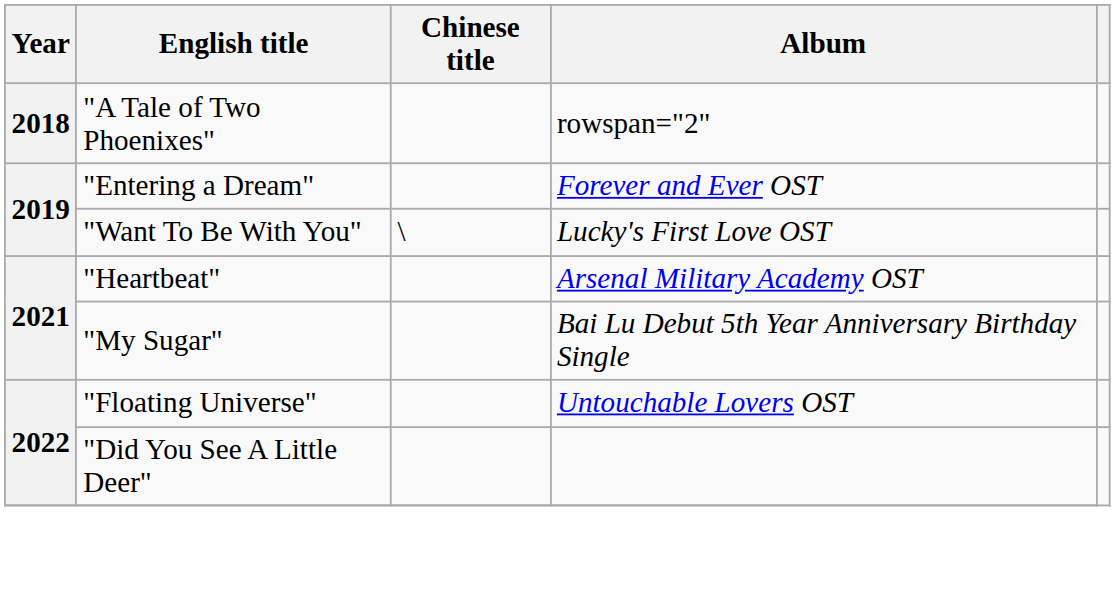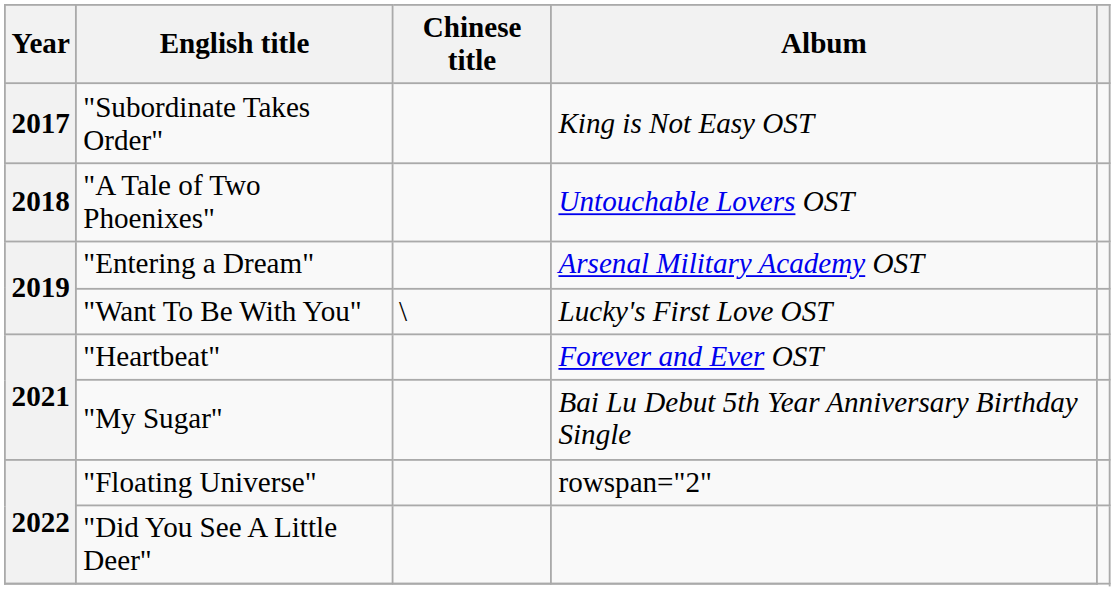 <table class="wikitable plainrowheaders">
 <tr>
 <th scope="col">Year</th>
 <th scope="col">English title</th>
 <th scope="col">Chinese title</th>
 <th scope="col">Album</th>
 <th scope="col" class="unsortable"></th>
 </tr>
 <tr>
+<th scope="row">2017</th>
+<td>"Subordinate Takes Order"</td>
+<td></td>
+<td><em>King is Not Easy OST</em></td>
+<td style="text-align:center"></td>
+</tr>
+<tr>
 <th scope="row">2018</th>
 <td>"A Tale of Two Phoenixes"</td>
 <td></td>
-<td>rowspan="2" </td>
+<td><em><a href='#'>Untouchable Lovers</a> OST</em></td>
 <td style="text-align:center"></td>
 </tr>
 <tr>
 <th scope="row" rowspan="2">2019</th>
 <td>"Entering a Dream"<br></td>
 <td></td>
-<td><em><a href='#'>Forever and Ever</a> OST</em></td>
+<td><em><a href='#'>Arsenal Military Academy</a> OST</em></td>
 <td style="text-align:center"></td>
 </tr>
 <tr>
 <td>"Want To Be With You"</td>
 <td>\</td>
 <td><em>Lucky's First Love OST</em></td>
 <td style="text-align:center"></td>
 </tr>
 <tr>
 <th scope="row" rowspan="2">2021</th>
 <td>"Heartbeat"</td>
 <td></td>
-<td><em><a href='#'>Arsenal Military Academy</a> OST</em></td>
+<td><em><a href='#'>Forever and Ever</a> OST</em></td>
 <td style="text-align:center"></td>
 </tr>
 <tr>
 <td>"My Sugar"</td>
 <td></td>
 <td><em>Bai Lu Debut 5th Year Anniversary Birthday Single</em></td>
 <td style="text-align:center"></td>
 </tr>
 <tr>
 <th scope="row" rowspan="2">2022</th>
 <td>"Floating Universe"</td>
 <td></td>
-<td><em><a href='#'>Untouchable Lovers</a> OST</em></td>
+<td>rowspan="2" </td>
 <td style="text-align:center"></td>
 </tr>
 <tr>
 <td>"Did You See A Little Deer"</td>
 <td></td>
 <td style="text-align:center"></td>
 </tr>
 <tr>
 </tr>
 </table>
